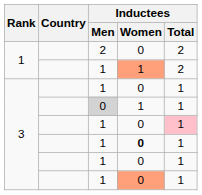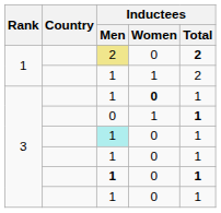 <table class="wikitable sortable" style="text-align: center;">
 <tr>
 <th rowspan="2">Rank</th>
 <th rowspan="2">Country</th>
 <th colspan="3">Inductees</th>
 </tr>
 <tr>
 <th>Men</th>
 <th>Women</th>
 <th>Total</th>
 </tr>
 <tr>
 <td rowspan="2">1</td>
 <td style=text-align:left></td>
-<td>2</td>
+<td style="background: khaki;">2</td>
 <td>0</td>
-<td>2</td>
+<td><strong>2</strong></td>
 </tr>
 <tr>
 <td style=text-align:left></td>
 <td>1</td>
-<td style="background: lightsalmon;">1</td>
+<td>1</td>
 <td>2</td>
 </tr>
 <tr>
 <td rowspan="6">3</td>
 <td style=text-align:left></td>
 <td>1</td>
-<td>0</td>
+<td><strong>0</strong></td>
 <td>1</td>
 </tr>
 <tr>
 <td style=text-align:left></td>
-<td style="background: lightgrey;">0</td>
+<td>0</td>
 <td>1</td>
-<td>1</td>
+<td><strong>1</strong></td>
 </tr>
 <tr>
 <td style=text-align:left></td>
-<td>1</td>
+<td style="background: paleturquoise;">1</td>
 <td>0</td>
-<td style="background: pink;">1</td>
-</tr>
-<tr>
-<td style=text-align:left></td>
-<td>1</td>
-<td><strong>0</strong></td>
 <td>1</td>
 </tr>
 <tr>
 <td style=text-align:left></td>
 <td>1</td>
 <td>0</td>
 <td>1</td>
 </tr>
 <tr>
 <td style=text-align:left></td>
+<td><strong>1</strong></td>
+<td>0</td>
+<td><strong>1</strong></td>
+</tr>
+<tr>
+<td style=text-align:left></td>
 <td>1</td>
-<td style="background: lightsalmon;">0</td>
+<td>0</td>
 <td>1</td>
 </tr>
 </table>
